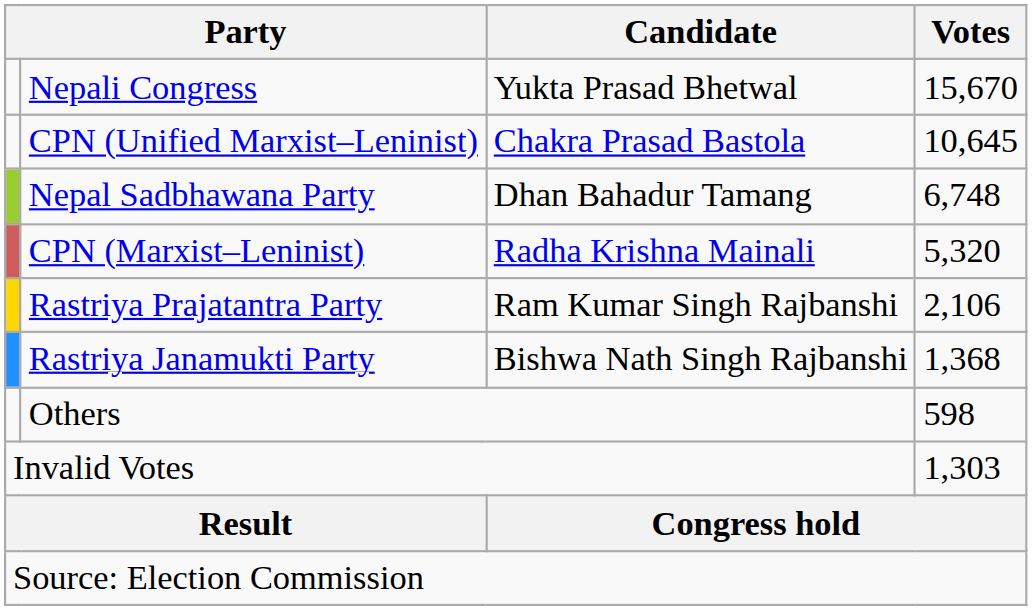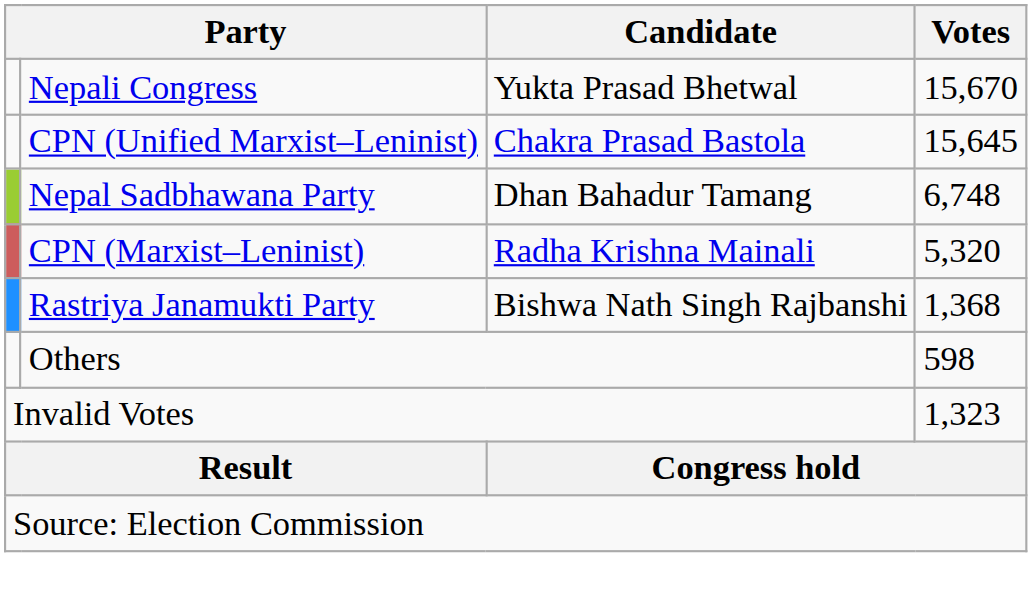 <table class="wikitable">
 <tr>
 <th colspan="2">Party</th>
 <th>Candidate</th>
 <th>Votes</th>
 </tr>
 <tr>
 <td style="background-color:"></td>
 <td><a href='#'>Nepali Congress</a></td>
 <td>Yukta Prasad Bhetwal</td>
 <td>15,670</td>
 </tr>
 <tr>
 <td style="background-color:"></td>
 <td><a href='#'>CPN (Unified Marxist–Leninist)</a></td>
 <td><a href='#'>Chakra Prasad Bastola</a></td>
-<td>10,645</td>
+<td>15,645</td>
 </tr>
 <tr>
 <td style="background-color:yellowgreen"></td>
 <td><a href='#'>Nepal Sadbhawana Party</a></td>
 <td>Dhan Bahadur Tamang</td>
 <td>6,748</td>
 </tr>
 <tr>
 <td style="background-color:indianred"></td>
 <td><a href='#'>CPN (Marxist–Leninist)</a></td>
 <td><a href='#'>Radha Krishna Mainali</a></td>
 <td>5,320</td>
 </tr>
 <tr>
-<td style="background-color:gold"></td>
-<td><a href='#'>Rastriya Prajatantra Party</a></td>
-<td>Ram Kumar Singh Rajbanshi</td>
-<td>2,106</td>
-</tr>
-<tr>
 <td style="background-color:dodgerblue"></td>
 <td><a href='#'>Rastriya Janamukti Party</a></td>
 <td>Bishwa Nath Singh Rajbanshi</td>
 <td>1,368</td>
 </tr>
 <tr>
 <td></td>
 <td colspan="2">Others</td>
 <td>598</td>
 </tr>
 <tr>
 <td colspan="3">Invalid Votes</td>
-<td>1,303</td>
+<td>1,323</td>
 </tr>
 <tr>
 <th colspan="2">Result</th>
 <th colspan="2">Congress hold</th>
 </tr>
 <tr>
 <td colspan="4">Source: Election Commission</td>
 </tr>
 </table>
